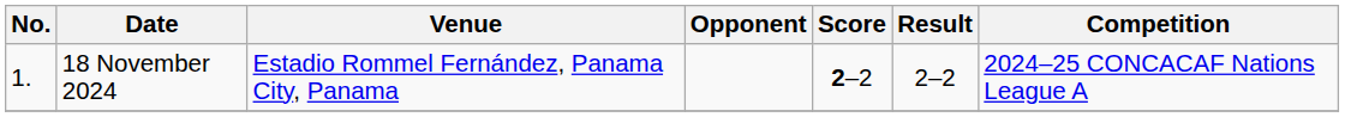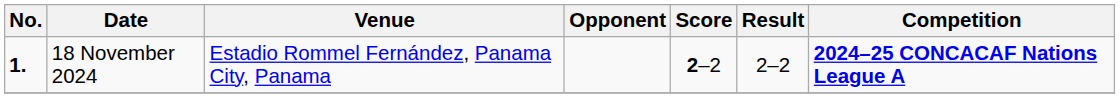 <table class="wikitable">
 <tr>
 <th>No.</th>
 <th>Date</th>
 <th>Venue</th>
 <th>Opponent</th>
 <th>Score</th>
 <th>Result</th>
 <th>Competition</th>
 </tr>
 <tr>
-<td>1.</td>
+<td><strong>1.</strong></td>
 <td>18 November 2024</td>
 <td><a href='#'>Estadio Rommel Fernández</a>, <a href='#'>Panama City</a>, <a href='#'>Panama</a></td>
 <td></td>
 <td align=center><strong>2</strong>–2</td>
 <td align=center>2–2</td>
-<td><a href='#'>2024–25 CONCACAF Nations League A</a></td>
+<td><strong><a href='#'>2024–25 CONCACAF Nations League A</a></strong></td>
 </tr>
 <tr>
 </tr>
 </table>
